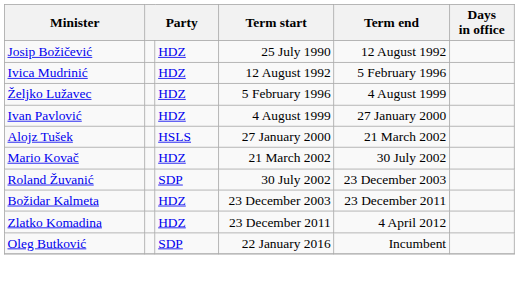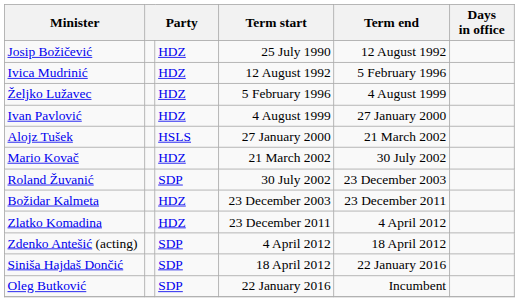 <table class="wikitable" style="text-align: left;">
 <tr>
 <th width="160">Minister</th>
 <th colspan=2 width="80">Party</th>
 <th width="130">Term start</th>
 <th width="130">Term end</th>
 <th width=70>Days<br> in office</th>
 </tr>
 <tr>
 <td><a href='#'>Josip Božičević</a></td>
 <td style="background-color: "></td>
 <td><a href='#'>HDZ</a></td>
 <td align=right>25 July 1990</td>
 <td align=right>12 August 1992</td>
 <td align=right></td>
 </tr>
 <tr>
 <td><a href='#'>Ivica Mudrinić</a></td>
 <td style="background-color: "></td>
 <td><a href='#'>HDZ</a></td>
 <td align=right>12 August 1992</td>
 <td align=right>5 February 1996</td>
 <td align=right></td>
 </tr>
 <tr>
 <td><a href='#'>Željko Lužavec</a></td>
 <td style="background-color: "></td>
 <td><a href='#'>HDZ</a></td>
 <td align=right>5 February 1996</td>
 <td align=right>4 August 1999</td>
 <td align=right></td>
 </tr>
 <tr>
 <td><a href='#'>Ivan Pavlović</a></td>
 <td style="background-color: "></td>
 <td><a href='#'>HDZ</a></td>
 <td align=right>4 August 1999</td>
 <td align=right>27 January 2000</td>
 <td align=right></td>
 </tr>
 <tr>
 <td><a href='#'>Alojz Tušek</a></td>
 <td style="background-color: "></td>
 <td><a href='#'>HSLS</a></td>
 <td align=right>27 January 2000</td>
 <td align=right>21 March 2002</td>
 <td align=right></td>
 </tr>
 <tr>
 <td><a href='#'>Mario Kovač</a></td>
 <td style="background-color: "></td>
 <td><a href='#'>HDZ</a></td>
 <td align=right>21 March 2002</td>
 <td align=right>30 July 2002</td>
 <td align=right></td>
 </tr>
 <tr>
 <td><a href='#'>Roland Žuvanić</a></td>
 <td style="background-color: "></td>
 <td><a href='#'>SDP</a></td>
 <td align=right>30 July 2002</td>
 <td align=right>23 December 2003</td>
 <td align=right></td>
 </tr>
 <tr>
 <td><a href='#'>Božidar Kalmeta</a></td>
 <td style="background-color: "></td>
 <td><a href='#'>HDZ</a></td>
 <td align=right>23 December 2003</td>
 <td align=right>23 December 2011</td>
 <td align=right></td>
 </tr>
 <tr>
 <td><a href='#'>Zlatko Komadina</a></td>
 <td style="background-color: "></td>
 <td><a href='#'>HDZ</a></td>
 <td align=right>23 December 2011</td>
 <td align=right>4 April 2012</td>
 <td align=right></td>
 </tr>
 <tr>
+<td><a href='#'>Zdenko Antešić</a> (acting)</td>
+<td style="background-color: "></td>
+<td><a href='#'>SDP</a></td>
+<td align=right>4 April 2012</td>
+<td align=right>18 April 2012</td>
+<td align=right></td>
+</tr>
+<tr>
+<td><a href='#'>Siniša Hajdaš Dončić</a></td>
+<td style="background-color: "></td>
+<td><a href='#'>SDP</a></td>
+<td align=right>18 April 2012</td>
+<td align=right>22 January 2016</td>
+<td align=right></td>
+</tr>
+<tr>
 <td><a href='#'>Oleg Butković</a></td>
 <td style="background-color: "></td>
 <td><a href='#'>SDP</a></td>
 <td align=right>22 January 2016</td>
 <td align=right>Incumbent</td>
 <td align=right></td>
 </tr>
 <tr>
 </tr>
 </table>
